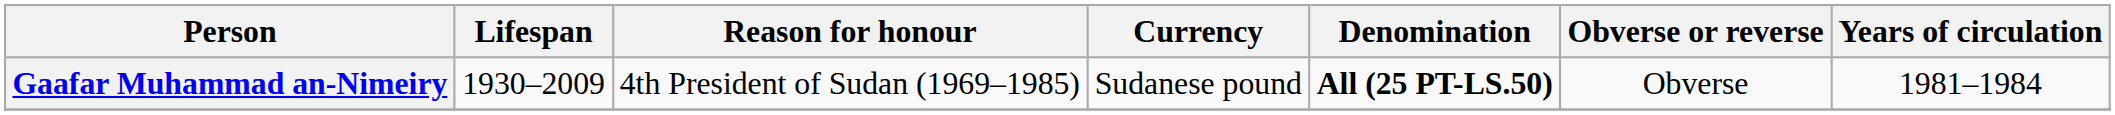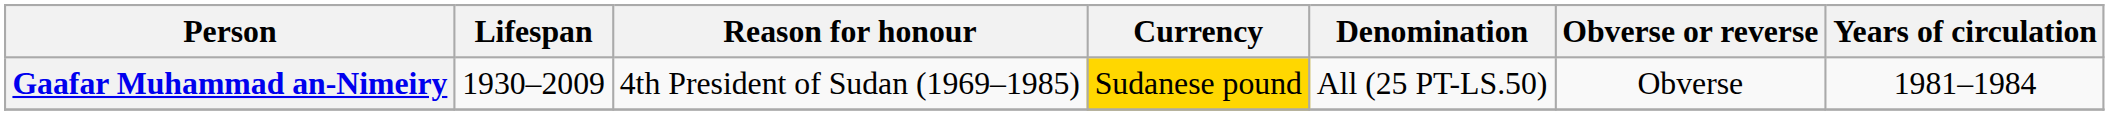 <table class="wikitable" style="font-size:95%; text-align:center;">
 <tr>
 <th>Person</th>
 <th>Lifespan</th>
 <th>Reason for honour</th>
 <th>Currency</th>
 <th>Denomination</th>
 <th>Obverse or reverse</th>
 <th>Years of circulation</th>
 </tr>
 <tr>
 <th><a href='#'>Gaafar Muhammad an-Nimeiry</a></th>
 <td>1930–2009</td>
 <td>4th President of Sudan (1969–1985)</td>
-<td>Sudanese pound</td>
-<td><strong>All (25 PT-LS.50)</strong></td>
+<td style="background: gold;">Sudanese pound</td>
+<td>All (25 PT-LS.50)</td>
 <td>Obverse</td>
 <td>1981–1984</td>
 </tr>
 <tr>
 </tr>
 </table>
